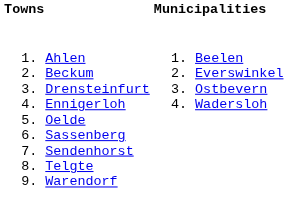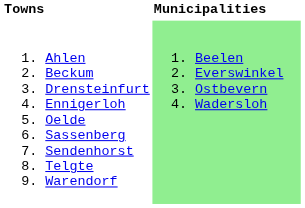 <table>
 <tr>
 <th align=left width=50%>Towns</th>
 <th align=left width=50%>Municipalities</th>
 </tr>
 <tr valign=top>
 <td><br><ol><li><a href='#'>Ahlen</a></li><li><a href='#'>Beckum</a></li><li><a href='#'>Drensteinfurt</a></li><li><a href='#'>Ennigerloh</a></li><li><a href='#'>Oelde</a></li><li><a href='#'>Sassenberg</a></li><li><a href='#'>Sendenhorst</a></li><li><a href='#'>Telgte</a></li><li><a href='#'>Warendorf</a></li></ol></td>
-<td><br><ol><li><a href='#'>Beelen</a></li><li><a href='#'>Everswinkel</a></li><li><a href='#'>Ostbevern</a></li><li><a href='#'>Wadersloh</a></li></ol></td>
+<td style="background: lightgreen;"><br><ol><li><a href='#'>Beelen</a></li><li><a href='#'>Everswinkel</a></li><li><a href='#'>Ostbevern</a></li><li><a href='#'>Wadersloh</a></li></ol></td>
 </tr>
 </table>
